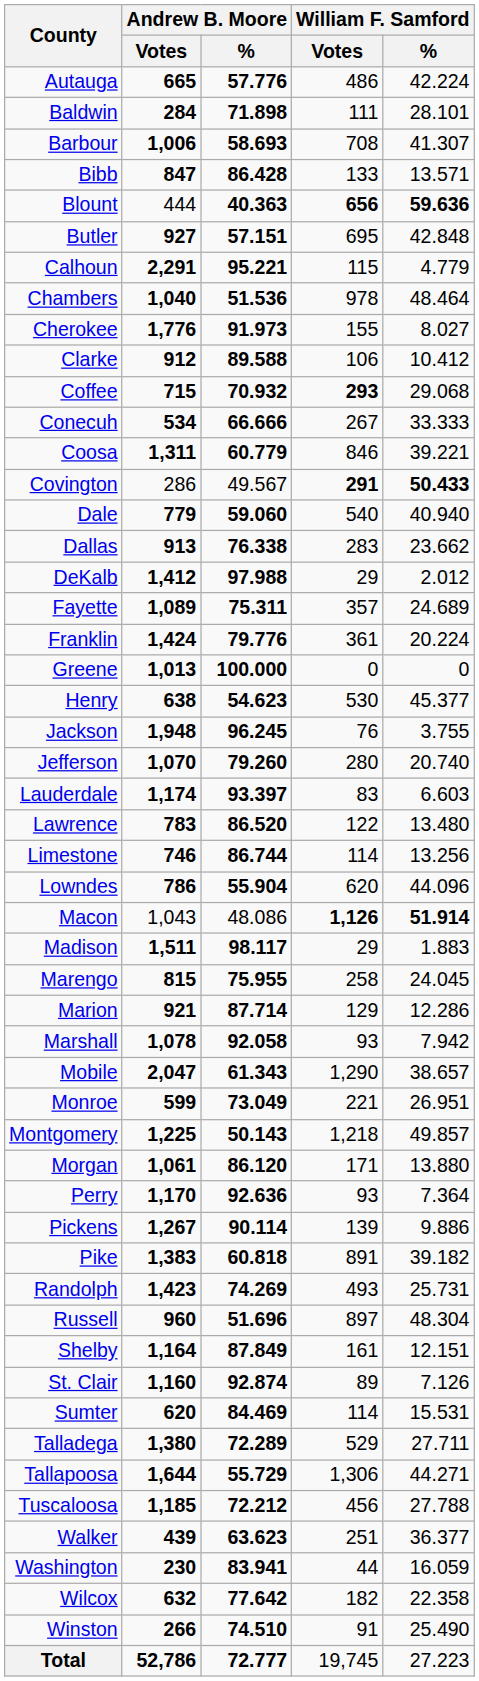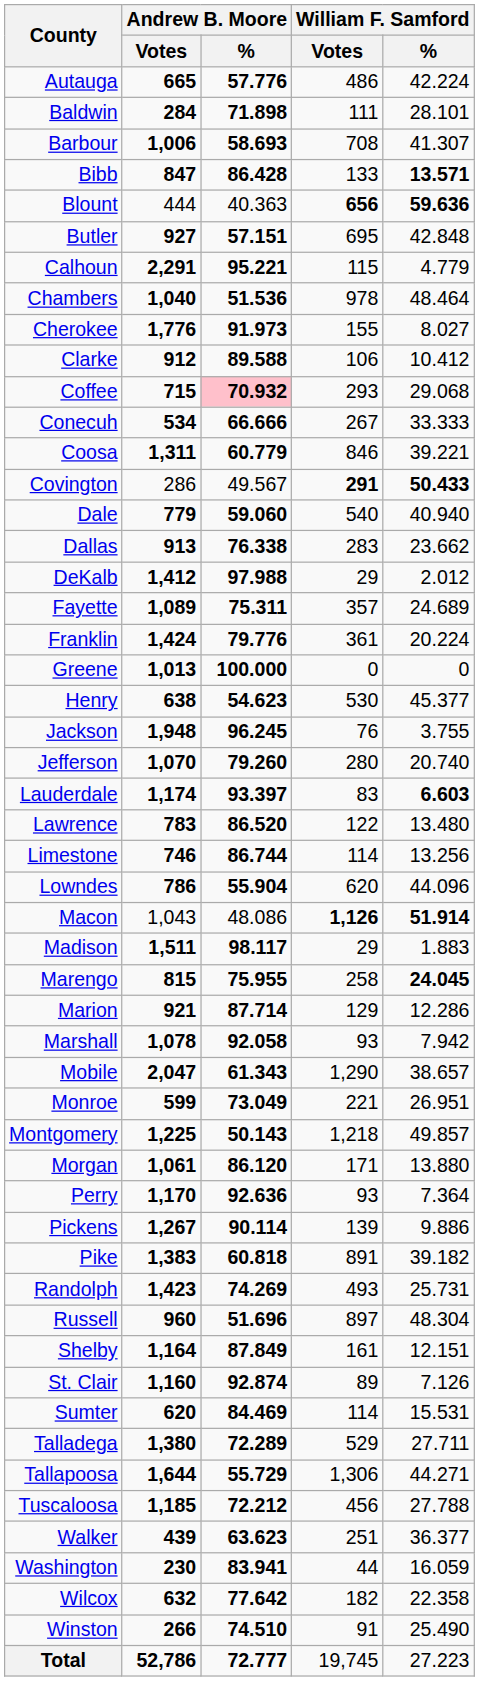 <table class="wikitable" style="text-align:right">
 <tr>
 <th rowspan=2>County</th>
 <th colspan=2>Andrew B. Moore</th>
 <th colspan=2>William F. Samford</th>
 </tr>
 <tr>
 <th>Votes</th>
 <th>%</th>
 <th>Votes</th>
 <th>%</th>
 </tr>
 <tr>
 <td><a href='#'>Autauga</a></td>
 <td><strong>665</strong></td>
 <td><strong>57.776</strong></td>
 <td>486</td>
 <td>42.224</td>
 </tr>
 <tr>
 <td><a href='#'>Baldwin</a></td>
 <td><strong>284</strong></td>
 <td><strong>71.898</strong></td>
 <td>111</td>
 <td>28.101</td>
 </tr>
 <tr>
 <td><a href='#'>Barbour</a></td>
 <td><strong>1,006</strong></td>
 <td><strong>58.693</strong></td>
 <td>708</td>
 <td>41.307</td>
 </tr>
 <tr>
 <td><a href='#'>Bibb</a></td>
 <td><strong>847</strong></td>
 <td><strong>86.428</strong></td>
 <td>133</td>
-<td>13.571</td>
+<td><strong>13.571</strong></td>
 </tr>
 <tr>
 <td><a href='#'>Blount</a></td>
 <td>444</td>
-<td><strong>40.363</strong></td>
+<td>40.363</td>
 <td><strong>656</strong></td>
 <td><strong>59.636</strong></td>
 </tr>
 <tr>
 <td><a href='#'>Butler</a></td>
 <td><strong>927</strong></td>
 <td><strong>57.151</strong></td>
 <td>695</td>
 <td>42.848</td>
 </tr>
 <tr>
 <td><a href='#'>Calhoun</a></td>
 <td><strong>2,291</strong></td>
 <td><strong>95.221</strong></td>
 <td>115</td>
 <td>4.779</td>
 </tr>
 <tr>
 <td><a href='#'>Chambers</a></td>
 <td><strong>1,040</strong></td>
 <td><strong>51.536</strong></td>
 <td>978</td>
 <td>48.464</td>
 </tr>
 <tr>
 <td><a href='#'>Cherokee</a></td>
 <td><strong>1,776</strong></td>
 <td><strong>91.973</strong></td>
 <td>155</td>
 <td>8.027</td>
 </tr>
 <tr>
 <td><a href='#'>Clarke</a></td>
 <td><strong>912</strong></td>
 <td><strong>89.588</strong></td>
 <td>106</td>
 <td>10.412</td>
 </tr>
 <tr>
 <td><a href='#'>Coffee</a></td>
 <td><strong>715</strong></td>
-<td><strong>70.932</strong></td>
-<td><strong>293</strong></td>
+<td style="background: pink;"><strong>70.932</strong></td>
+<td>293</td>
 <td>29.068</td>
 </tr>
 <tr>
 <td><a href='#'>Conecuh</a></td>
 <td><strong>534</strong></td>
 <td><strong>66.666</strong></td>
 <td>267</td>
 <td>33.333</td>
 </tr>
 <tr>
 <td><a href='#'>Coosa</a></td>
 <td><strong>1,311</strong></td>
 <td><strong>60.779</strong></td>
 <td>846</td>
 <td>39.221</td>
 </tr>
 <tr>
 <td><a href='#'>Covington</a></td>
 <td>286</td>
 <td>49.567</td>
 <td><strong>291</strong></td>
 <td><strong>50.433</strong></td>
 </tr>
 <tr>
 <td><a href='#'>Dale</a></td>
 <td><strong>779</strong></td>
 <td><strong>59.060</strong></td>
 <td>540</td>
 <td>40.940</td>
 </tr>
 <tr>
 <td><a href='#'>Dallas</a></td>
 <td><strong>913</strong></td>
 <td><strong>76.338</strong></td>
 <td>283</td>
 <td>23.662</td>
 </tr>
 <tr>
 <td><a href='#'>DeKalb</a></td>
 <td><strong>1,412</strong></td>
 <td><strong>97.988</strong></td>
 <td>29</td>
 <td>2.012</td>
 </tr>
 <tr>
 <td><a href='#'>Fayette</a></td>
 <td><strong>1,089</strong></td>
 <td><strong>75.311</strong></td>
 <td>357</td>
 <td>24.689</td>
 </tr>
 <tr>
 <td><a href='#'>Franklin</a></td>
 <td><strong>1,424</strong></td>
 <td><strong>79.776</strong></td>
 <td>361</td>
 <td>20.224</td>
 </tr>
 <tr>
 <td><a href='#'>Greene</a></td>
 <td><strong>1,013</strong></td>
 <td><strong>100.000</strong></td>
 <td>0</td>
 <td>0</td>
 </tr>
 <tr>
 <td><a href='#'>Henry</a></td>
 <td><strong>638</strong></td>
 <td><strong>54.623</strong></td>
 <td>530</td>
 <td>45.377</td>
 </tr>
 <tr>
 <td><a href='#'>Jackson</a></td>
 <td><strong>1,948</strong></td>
 <td><strong>96.245</strong></td>
 <td>76</td>
 <td>3.755</td>
 </tr>
 <tr>
 <td><a href='#'>Jefferson</a></td>
 <td><strong>1,070</strong></td>
 <td><strong>79.260</strong></td>
 <td>280</td>
 <td>20.740</td>
 </tr>
 <tr>
 <td><a href='#'>Lauderdale</a></td>
 <td><strong>1,174</strong></td>
 <td><strong>93.397</strong></td>
 <td>83</td>
-<td>6.603</td>
+<td><strong>6.603</strong></td>
 </tr>
 <tr>
 <td><a href='#'>Lawrence</a></td>
 <td><strong>783</strong></td>
 <td><strong>86.520</strong></td>
 <td>122</td>
 <td>13.480</td>
 </tr>
 <tr>
 <td><a href='#'>Limestone</a></td>
 <td><strong>746</strong></td>
 <td><strong>86.744</strong></td>
 <td>114</td>
 <td>13.256</td>
 </tr>
 <tr>
 <td><a href='#'>Lowndes</a></td>
 <td><strong>786</strong></td>
 <td><strong>55.904</strong></td>
 <td>620</td>
 <td>44.096</td>
 </tr>
 <tr>
 <td><a href='#'>Macon</a></td>
 <td>1,043</td>
 <td>48.086</td>
 <td><strong>1,126</strong></td>
 <td><strong>51.914</strong></td>
 </tr>
 <tr>
 <td><a href='#'>Madison</a></td>
 <td><strong>1,511</strong></td>
 <td><strong>98.117</strong></td>
 <td>29</td>
 <td>1.883</td>
 </tr>
 <tr>
 <td><a href='#'>Marengo</a></td>
 <td><strong>815</strong></td>
 <td><strong>75.955</strong></td>
 <td>258</td>
-<td>24.045</td>
+<td><strong>24.045</strong></td>
 </tr>
 <tr>
 <td><a href='#'>Marion</a></td>
 <td><strong>921</strong></td>
 <td><strong>87.714</strong></td>
 <td>129</td>
 <td>12.286</td>
 </tr>
 <tr>
 <td><a href='#'>Marshall</a></td>
 <td><strong>1,078</strong></td>
 <td><strong>92.058</strong></td>
 <td>93</td>
 <td>7.942</td>
 </tr>
 <tr>
 <td><a href='#'>Mobile</a></td>
 <td><strong>2,047</strong></td>
 <td><strong>61.343</strong></td>
 <td>1,290</td>
 <td>38.657</td>
 </tr>
 <tr>
 <td><a href='#'>Monroe</a></td>
 <td><strong>599</strong></td>
 <td><strong>73.049</strong></td>
 <td>221</td>
 <td>26.951</td>
 </tr>
 <tr>
 <td><a href='#'>Montgomery</a></td>
 <td><strong>1,225</strong></td>
 <td><strong>50.143</strong></td>
 <td>1,218</td>
 <td>49.857</td>
 </tr>
 <tr>
 <td><a href='#'>Morgan</a></td>
 <td><strong>1,061</strong></td>
 <td><strong>86.120</strong></td>
 <td>171</td>
 <td>13.880</td>
 </tr>
 <tr>
 <td><a href='#'>Perry</a></td>
 <td><strong>1,170</strong></td>
 <td><strong>92.636</strong></td>
 <td>93</td>
 <td>7.364</td>
 </tr>
 <tr>
 <td><a href='#'>Pickens</a></td>
 <td><strong>1,267</strong></td>
 <td><strong>90.114</strong></td>
 <td>139</td>
 <td>9.886</td>
 </tr>
 <tr>
 <td><a href='#'>Pike</a></td>
 <td><strong>1,383</strong></td>
 <td><strong>60.818</strong></td>
 <td>891</td>
 <td>39.182</td>
 </tr>
 <tr>
 <td><a href='#'>Randolph</a></td>
 <td><strong>1,423</strong></td>
 <td><strong>74.269</strong></td>
 <td>493</td>
 <td>25.731</td>
 </tr>
 <tr>
 <td><a href='#'>Russell</a></td>
 <td><strong>960</strong></td>
 <td><strong>51.696</strong></td>
 <td>897</td>
 <td>48.304</td>
 </tr>
 <tr>
 <td><a href='#'>Shelby</a></td>
 <td><strong>1,164</strong></td>
 <td><strong>87.849</strong></td>
 <td>161</td>
 <td>12.151</td>
 </tr>
 <tr>
 <td><a href='#'>St. Clair</a></td>
 <td><strong>1,160</strong></td>
 <td><strong>92.874</strong></td>
 <td>89</td>
 <td>7.126</td>
 </tr>
 <tr>
 <td><a href='#'>Sumter</a></td>
 <td><strong>620</strong></td>
 <td><strong>84.469</strong></td>
 <td>114</td>
 <td>15.531</td>
 </tr>
 <tr>
 <td><a href='#'>Talladega</a></td>
 <td><strong>1,380</strong></td>
 <td><strong>72.289</strong></td>
 <td>529</td>
 <td>27.711</td>
 </tr>
 <tr>
 <td><a href='#'>Tallapoosa</a></td>
 <td><strong>1,644</strong></td>
 <td><strong>55.729</strong></td>
 <td>1,306</td>
 <td>44.271</td>
 </tr>
 <tr>
 <td><a href='#'>Tuscaloosa</a></td>
 <td><strong>1,185</strong></td>
 <td><strong>72.212</strong></td>
 <td>456</td>
 <td>27.788</td>
 </tr>
 <tr>
 <td><a href='#'>Walker</a></td>
 <td><strong>439</strong></td>
 <td><strong>63.623</strong></td>
 <td>251</td>
 <td>36.377</td>
 </tr>
 <tr>
 <td><a href='#'>Washington</a></td>
 <td><strong>230</strong></td>
 <td><strong>83.941</strong></td>
 <td>44</td>
 <td>16.059</td>
 </tr>
 <tr>
 <td><a href='#'>Wilcox</a></td>
 <td><strong>632</strong></td>
 <td><strong>77.642</strong></td>
 <td>182</td>
 <td>22.358</td>
 </tr>
 <tr>
 <td><a href='#'>Winston</a></td>
 <td><strong>266</strong></td>
 <td><strong>74.510</strong></td>
 <td>91</td>
 <td>25.490</td>
 </tr>
 <tr>
 <th>Total</th>
 <td><strong>52,786</strong></td>
 <td><strong>72.777</strong></td>
 <td>19,745</td>
 <td>27.223</td>
 </tr>
 </table>
